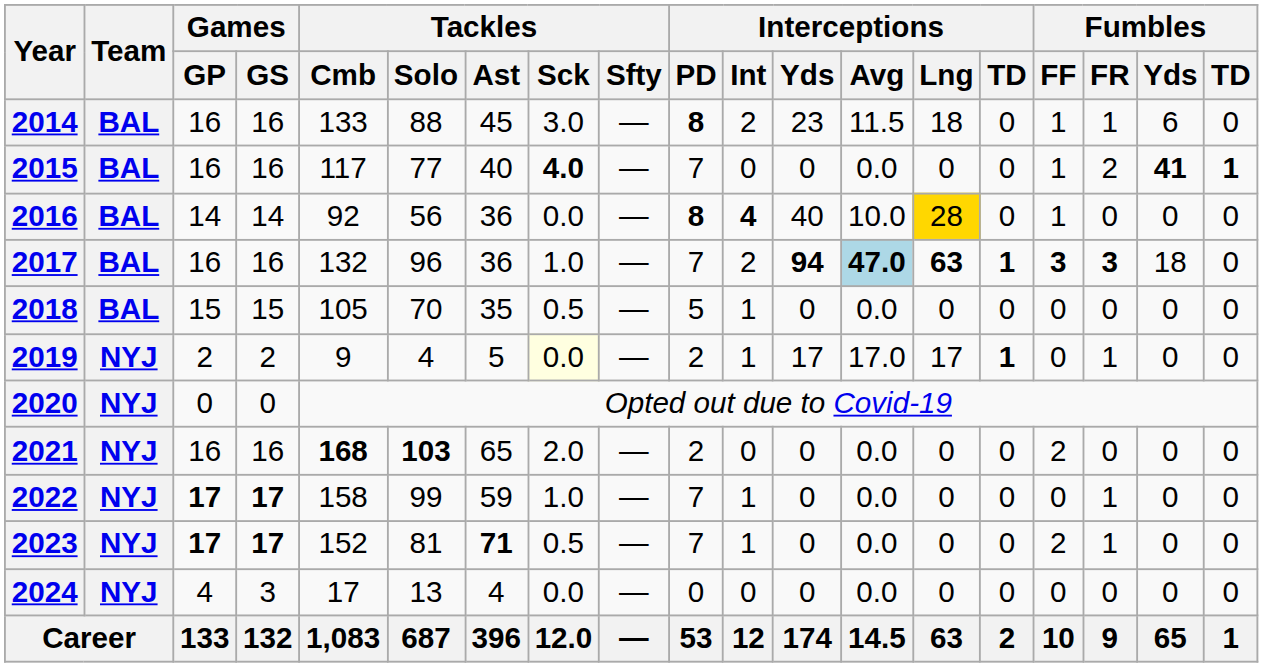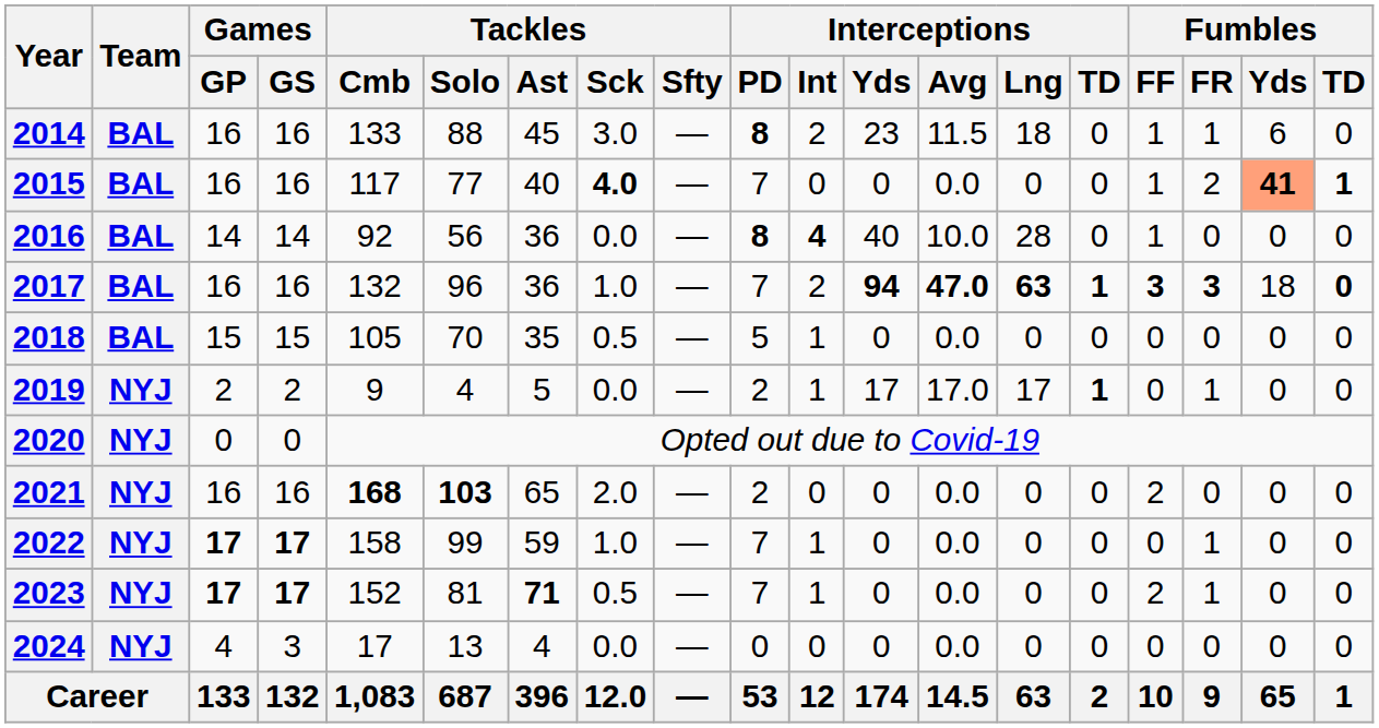 <table class="wikitable" style="text-align:center;">
 <tr>
 <th rowspan="2">Year</th>
 <th rowspan="2">Team</th>
 <th colspan="2">Games</th>
 <th colspan="5">Tackles</th>
 <th colspan="6">Interceptions</th>
 <th colspan="4">Fumbles</th>
 </tr>
 <tr>
 <th>GP</th>
 <th>GS</th>
 <th>Cmb</th>
 <th>Solo</th>
 <th>Ast</th>
 <th>Sck</th>
 <th>Sfty</th>
 <th>PD</th>
 <th>Int</th>
 <th>Yds</th>
 <th>Avg</th>
 <th>Lng</th>
 <th>TD</th>
 <th>FF</th>
 <th>FR</th>
 <th>Yds</th>
 <th>TD</th>
 </tr>
 <tr>
 <th><a href='#'>2014</a></th>
 <th><a href='#'>BAL</a></th>
 <td>16</td>
 <td>16</td>
 <td>133</td>
 <td>88</td>
 <td>45</td>
 <td>3.0</td>
 <td>—</td>
 <td><strong>8</strong></td>
 <td>2</td>
 <td>23</td>
 <td>11.5</td>
 <td>18</td>
 <td>0</td>
 <td>1</td>
 <td>1</td>
 <td>6</td>
 <td>0</td>
 </tr>
 <tr>
 <th><a href='#'>2015</a></th>
 <th><a href='#'>BAL</a></th>
 <td>16</td>
 <td>16</td>
 <td>117</td>
 <td>77</td>
 <td>40</td>
 <td><strong>4.0</strong></td>
 <td>—</td>
 <td>7</td>
 <td>0</td>
 <td>0</td>
 <td>0.0</td>
 <td>0</td>
 <td>0</td>
 <td>1</td>
 <td>2</td>
-<td><strong>41</strong></td>
+<td style="background: lightsalmon;"><strong>41</strong></td>
 <td><strong>1</strong></td>
 </tr>
 <tr>
 <th><a href='#'>2016</a></th>
 <th><a href='#'>BAL</a></th>
 <td>14</td>
 <td>14</td>
 <td>92</td>
 <td>56</td>
 <td>36</td>
 <td>0.0</td>
 <td>—</td>
 <td><strong>8</strong></td>
 <td><strong>4</strong></td>
 <td>40</td>
 <td>10.0</td>
-<td style="background: gold;">28</td>
+<td>28</td>
 <td>0</td>
 <td>1</td>
 <td>0</td>
 <td>0</td>
 <td>0</td>
 </tr>
 <tr>
 <th><a href='#'>2017</a></th>
 <th><a href='#'>BAL</a></th>
 <td>16</td>
 <td>16</td>
 <td>132</td>
 <td>96</td>
 <td>36</td>
 <td>1.0</td>
 <td>—</td>
 <td>7</td>
 <td>2</td>
 <td><strong>94</strong></td>
-<td style="background: lightblue;"><strong>47.0</strong></td>
+<td><strong>47.0</strong></td>
 <td><strong>63</strong></td>
 <td><strong>1</strong></td>
 <td><strong>3</strong></td>
 <td><strong>3</strong></td>
 <td>18</td>
-<td>0</td>
+<td><strong>0</strong></td>
 </tr>
 <tr>
 <th><a href='#'>2018</a></th>
 <th><a href='#'>BAL</a></th>
 <td>15</td>
 <td>15</td>
 <td>105</td>
 <td>70</td>
 <td>35</td>
 <td>0.5</td>
 <td>—</td>
 <td>5</td>
 <td>1</td>
 <td>0</td>
 <td>0.0</td>
 <td>0</td>
 <td>0</td>
 <td>0</td>
 <td>0</td>
 <td>0</td>
 <td>0</td>
 </tr>
 <tr>
 <th><a href='#'>2019</a></th>
 <th><a href='#'>NYJ</a></th>
 <td>2</td>
 <td>2</td>
 <td>9</td>
 <td>4</td>
 <td>5</td>
-<td style="background: lightyellow;">0.0</td>
+<td>0.0</td>
 <td>—</td>
 <td>2</td>
 <td>1</td>
 <td>17</td>
 <td>17.0</td>
 <td>17</td>
 <td><strong>1</strong></td>
 <td>0</td>
 <td>1</td>
 <td>0</td>
 <td>0</td>
 </tr>
 <tr>
 <th><a href='#'>2020</a></th>
 <th><a href='#'>NYJ</a></th>
 <td>0</td>
 <td>0</td>
 <td colspan="15"><em>Opted out due to <a href='#'>Covid-19</a></em></td>
 </tr>
 <tr>
 <th><a href='#'>2021</a></th>
 <th><a href='#'>NYJ</a></th>
 <td>16</td>
 <td>16</td>
 <td><strong>168</strong></td>
 <td><strong>103</strong></td>
 <td>65</td>
 <td>2.0</td>
 <td>—</td>
 <td>2</td>
 <td>0</td>
 <td>0</td>
 <td>0.0</td>
 <td>0</td>
 <td>0</td>
 <td>2</td>
 <td>0</td>
 <td>0</td>
 <td>0</td>
 </tr>
 <tr>
 <th><a href='#'>2022</a></th>
 <th><a href='#'>NYJ</a></th>
 <td><strong>17</strong></td>
 <td><strong>17</strong></td>
 <td>158</td>
 <td>99</td>
 <td>59</td>
 <td>1.0</td>
 <td>—</td>
 <td>7</td>
 <td>1</td>
 <td>0</td>
 <td>0.0</td>
 <td>0</td>
 <td>0</td>
 <td>0</td>
 <td>1</td>
 <td>0</td>
 <td>0</td>
 </tr>
 <tr>
 <th><a href='#'>2023</a></th>
 <th><a href='#'>NYJ</a></th>
 <td><strong>17</strong></td>
 <td><strong>17</strong></td>
 <td>152</td>
 <td>81</td>
 <td><strong>71</strong></td>
 <td>0.5</td>
 <td>—</td>
 <td>7</td>
 <td>1</td>
 <td>0</td>
 <td>0.0</td>
 <td>0</td>
 <td>0</td>
 <td>2</td>
 <td>1</td>
 <td>0</td>
 <td>0</td>
 </tr>
 <tr>
 <th><a href='#'>2024</a></th>
 <th><a href='#'>NYJ</a></th>
 <td>4</td>
 <td>3</td>
 <td>17</td>
 <td>13</td>
 <td>4</td>
 <td>0.0</td>
 <td>—</td>
 <td>0</td>
 <td>0</td>
 <td>0</td>
 <td>0.0</td>
 <td>0</td>
 <td>0</td>
 <td>0</td>
 <td>0</td>
 <td>0</td>
 <td>0</td>
 </tr>
 <tr>
 <th colspan="2">Career</th>
 <th>133</th>
 <th>132</th>
 <th>1,083</th>
 <th>687</th>
 <th>396</th>
 <th>12.0</th>
 <th>—</th>
 <th>53</th>
 <th>12</th>
 <th>174</th>
 <th>14.5</th>
 <th>63</th>
 <th>2</th>
 <th>10</th>
 <th>9</th>
 <th>65</th>
 <th>1</th>
 </tr>
 </table>
